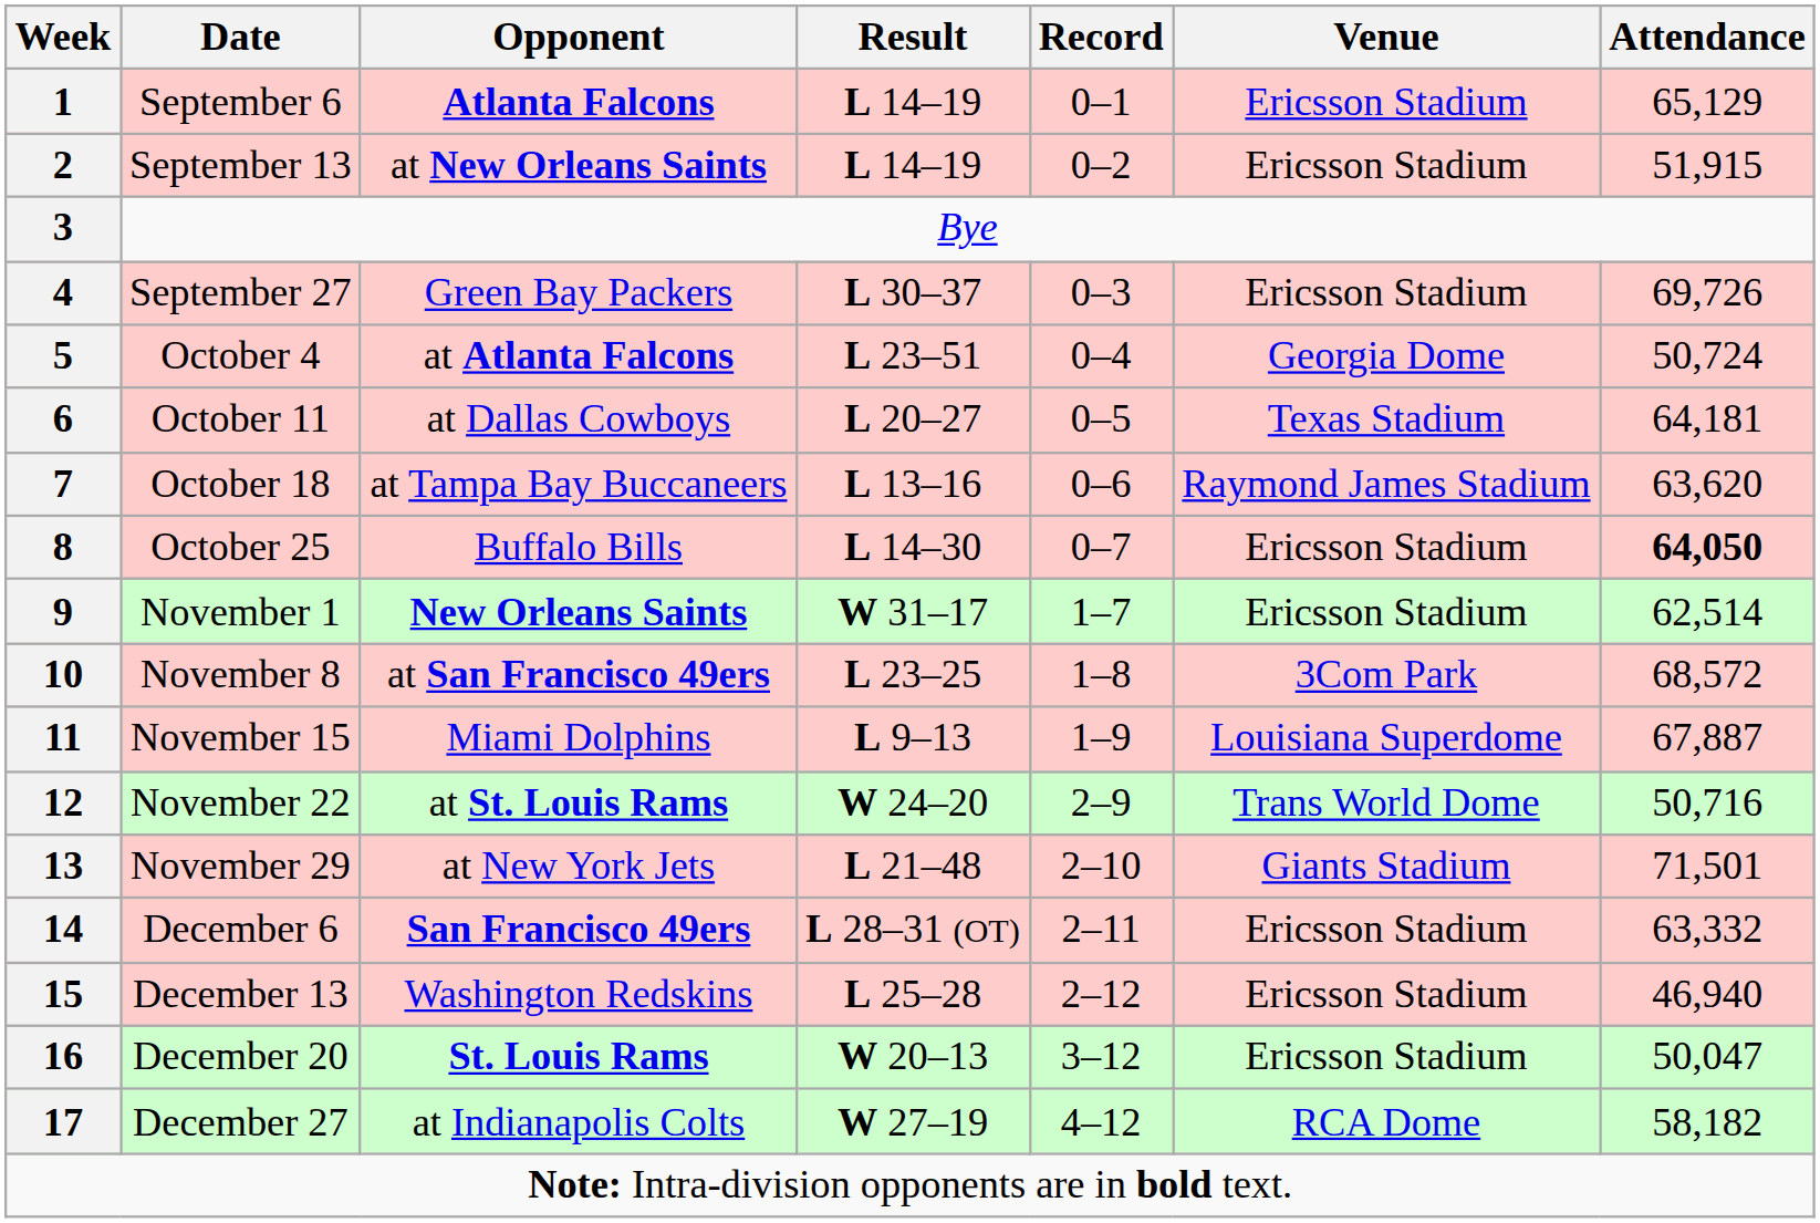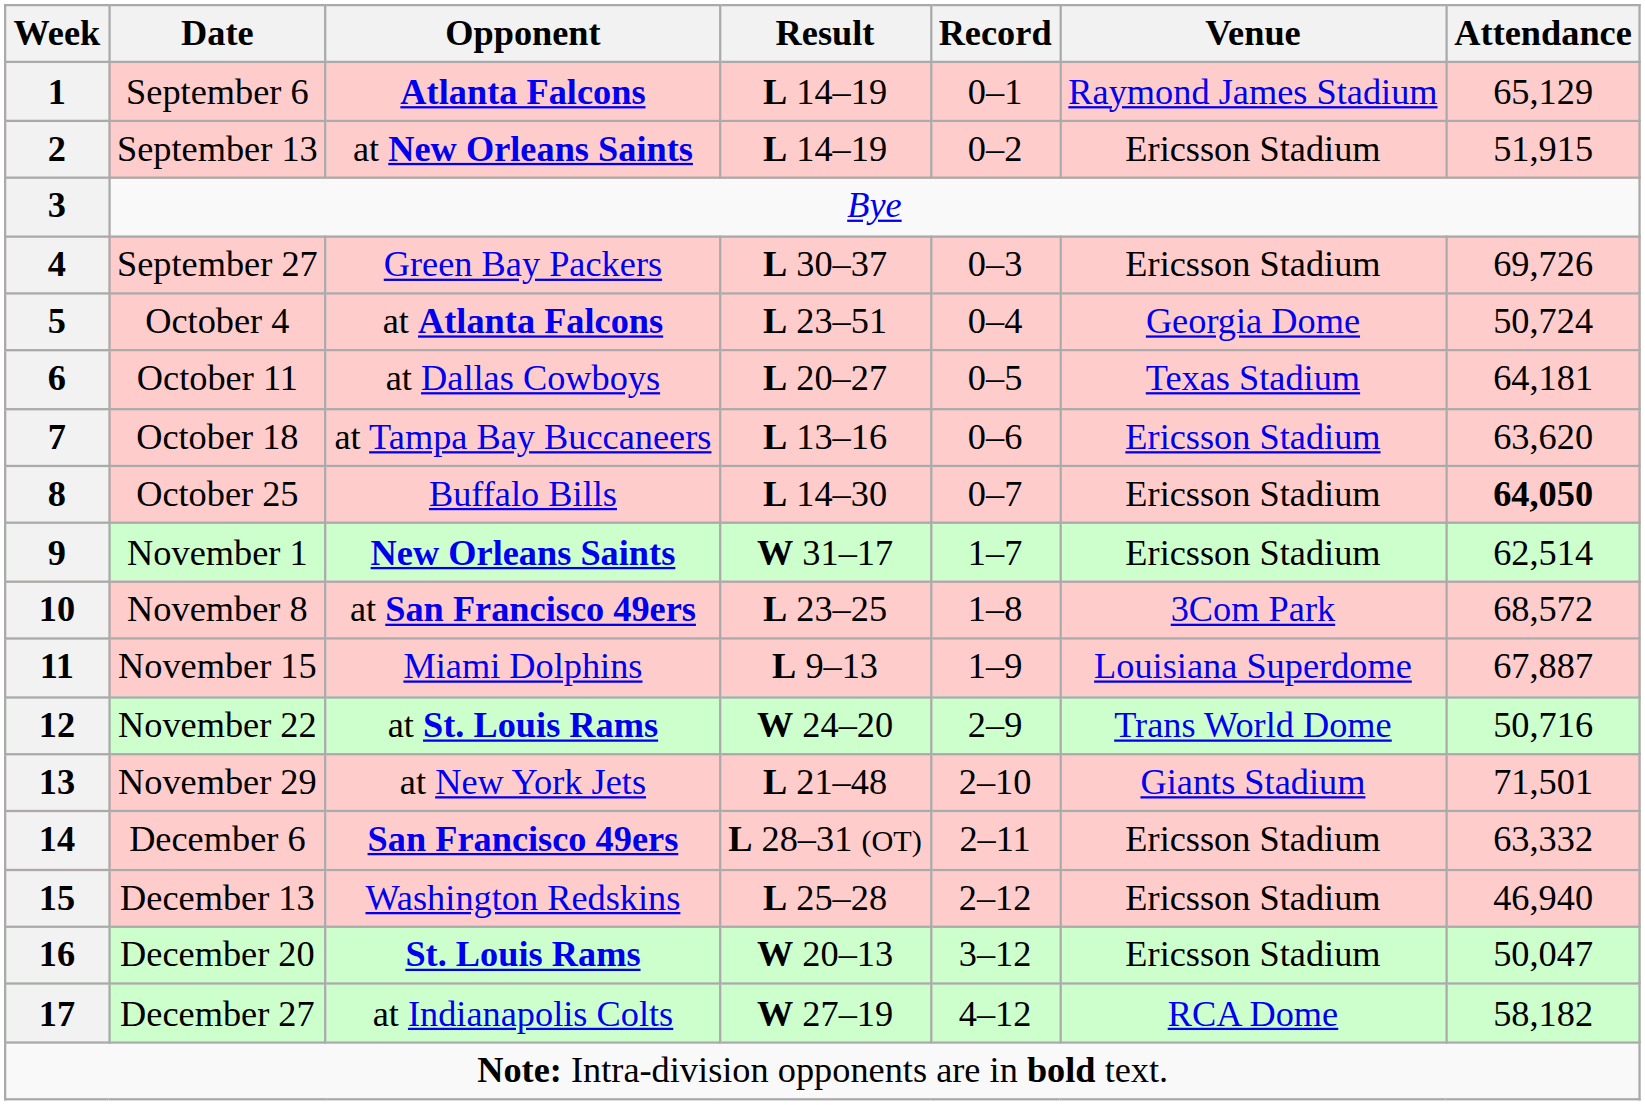 <table class="wikitable" style="text-align:center">
 <tr>
 <th>Week</th>
 <th>Date</th>
 <th>Opponent</th>
 <th>Result</th>
 <th>Record</th>
 <th>Venue</th>
 <th>Attendance</th>
 </tr>
 <tr style="background:#fcc">
 <th>1</th>
 <td>September 6</td>
 <td><strong><a href='#'>Atlanta Falcons</a></strong></td>
 <td><strong>L</strong> 14–19</td>
 <td>0–1</td>
-<td><a href='#'>Ericsson Stadium</a></td>
+<td><a href='#'>Raymond James Stadium</a></td>
 <td>65,129</td>
 </tr>
 <tr style="background:#fcc">
 <th>2</th>
 <td>September 13</td>
 <td>at <strong><a href='#'>New Orleans Saints</a></strong></td>
 <td><strong>L</strong> 14–19</td>
 <td>0–2</td>
 <td>Ericsson Stadium</td>
 <td>51,915</td>
 </tr>
 <tr align="center">
 <th>3</th>
 <td colspan="6"><em><a href='#'>Bye</a></em></td>
 </tr>
 <tr style="background:#fcc">
 <th>4</th>
 <td>September 27</td>
 <td><a href='#'>Green Bay Packers</a></td>
 <td><strong>L</strong> 30–37</td>
 <td>0–3</td>
 <td>Ericsson Stadium</td>
 <td>69,726</td>
 </tr>
 <tr style="background:#fcc">
 <th>5</th>
 <td>October 4</td>
 <td>at <strong><a href='#'>Atlanta Falcons</a></strong></td>
 <td><strong>L</strong> 23–51</td>
 <td>0–4</td>
 <td><a href='#'>Georgia Dome</a></td>
 <td>50,724</td>
 </tr>
 <tr style="background:#fcc">
 <th>6</th>
 <td>October 11</td>
 <td>at <a href='#'>Dallas Cowboys</a></td>
 <td><strong>L</strong> 20–27</td>
 <td>0–5</td>
 <td><a href='#'>Texas Stadium</a></td>
 <td>64,181</td>
 </tr>
 <tr style="background:#fcc">
 <th>7</th>
 <td>October 18</td>
 <td>at <a href='#'>Tampa Bay Buccaneers</a></td>
 <td><strong>L</strong> 13–16</td>
 <td>0–6</td>
-<td><a href='#'>Raymond James Stadium</a></td>
+<td><a href='#'>Ericsson Stadium</a></td>
 <td>63,620</td>
 </tr>
 <tr style="background:#fcc">
 <th>8</th>
 <td>October 25</td>
 <td><a href='#'>Buffalo Bills</a></td>
 <td><strong>L</strong> 14–30</td>
 <td>0–7</td>
 <td>Ericsson Stadium</td>
 <td><strong>64,050</strong></td>
 </tr>
 <tr style="background:#cfc">
 <th>9</th>
 <td>November 1</td>
 <td><strong><a href='#'>New Orleans Saints</a></strong></td>
 <td><strong>W</strong> 31–17</td>
 <td>1–7</td>
 <td>Ericsson Stadium</td>
 <td>62,514</td>
 </tr>
 <tr style="background:#fcc">
 <th>10</th>
 <td>November 8</td>
 <td>at <strong><a href='#'>San Francisco 49ers</a></strong></td>
 <td><strong>L</strong> 23–25</td>
 <td>1–8</td>
 <td><a href='#'>3Com Park</a></td>
 <td>68,572</td>
 </tr>
 <tr style="background:#fcc">
 <th>11</th>
 <td>November 15</td>
 <td><a href='#'>Miami Dolphins</a></td>
 <td><strong>L</strong> 9–13</td>
 <td>1–9</td>
 <td><a href='#'>Louisiana Superdome</a></td>
 <td>67,887</td>
 </tr>
 <tr style="background:#cfc">
 <th>12</th>
 <td>November 22</td>
 <td>at <strong><a href='#'>St. Louis Rams</a></strong></td>
 <td><strong>W</strong> 24–20</td>
 <td>2–9</td>
 <td><a href='#'>Trans World Dome</a></td>
 <td>50,716</td>
 </tr>
 <tr style="background:#fcc">
 <th>13</th>
 <td>November 29</td>
 <td>at <a href='#'>New York Jets</a></td>
 <td><strong>L</strong> 21–48</td>
 <td>2–10</td>
 <td><a href='#'>Giants Stadium</a></td>
 <td>71,501</td>
 </tr>
 <tr style="background:#fcc">
 <th>14</th>
 <td>December 6</td>
 <td><strong><a href='#'>San Francisco 49ers</a></strong></td>
 <td><strong>L</strong> 28–31 <small>(OT)</small></td>
 <td>2–11</td>
 <td>Ericsson Stadium</td>
 <td>63,332</td>
 </tr>
 <tr style="background:#fcc">
 <th>15</th>
 <td>December 13</td>
 <td><a href='#'>Washington Redskins</a></td>
 <td><strong>L</strong> 25–28</td>
 <td>2–12</td>
 <td>Ericsson Stadium</td>
 <td>46,940</td>
 </tr>
 <tr style="background:#cfc">
 <th>16</th>
 <td>December 20</td>
 <td><strong><a href='#'>St. Louis Rams</a></strong></td>
 <td><strong>W</strong> 20–13</td>
 <td>3–12</td>
 <td>Ericsson Stadium</td>
 <td>50,047</td>
 </tr>
 <tr style="background:#cfc">
 <th>17</th>
 <td>December 27</td>
 <td>at <a href='#'>Indianapolis Colts</a></td>
 <td><strong>W</strong> 27–19</td>
 <td>4–12</td>
 <td><a href='#'>RCA Dome</a></td>
 <td>58,182</td>
 </tr>
 <tr>
 <td colspan="7"><strong>Note:</strong> Intra-division opponents are in <strong>bold</strong> text.</td>
 </tr>
 </table>
